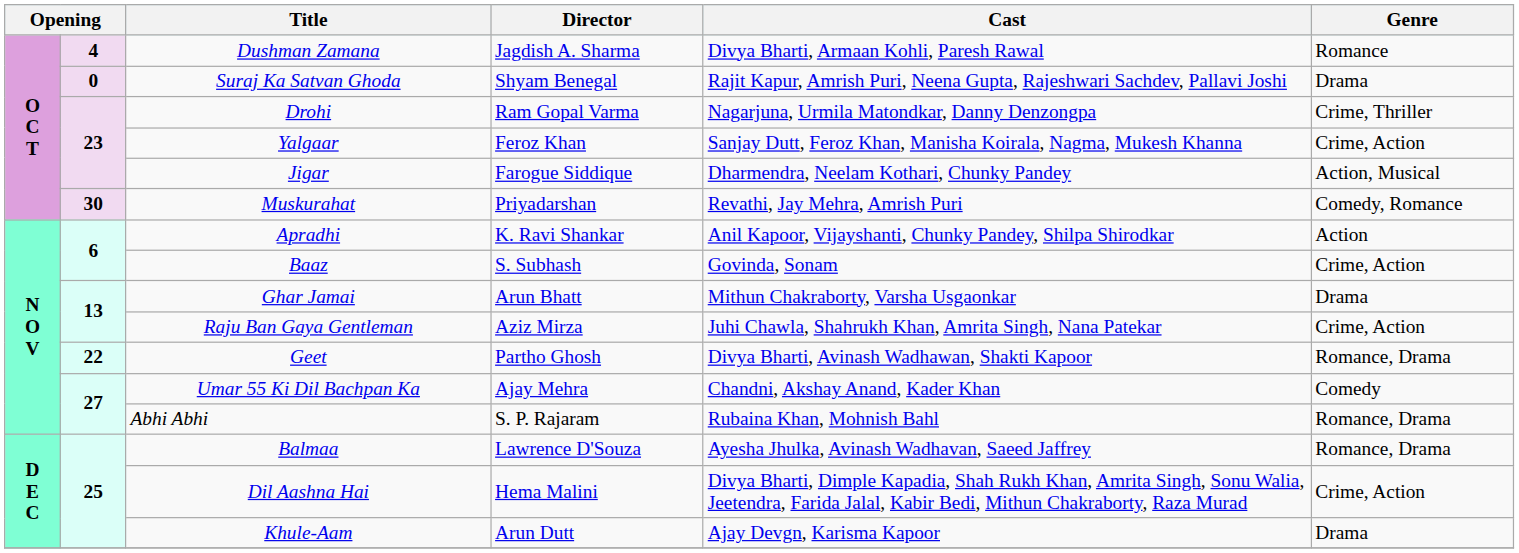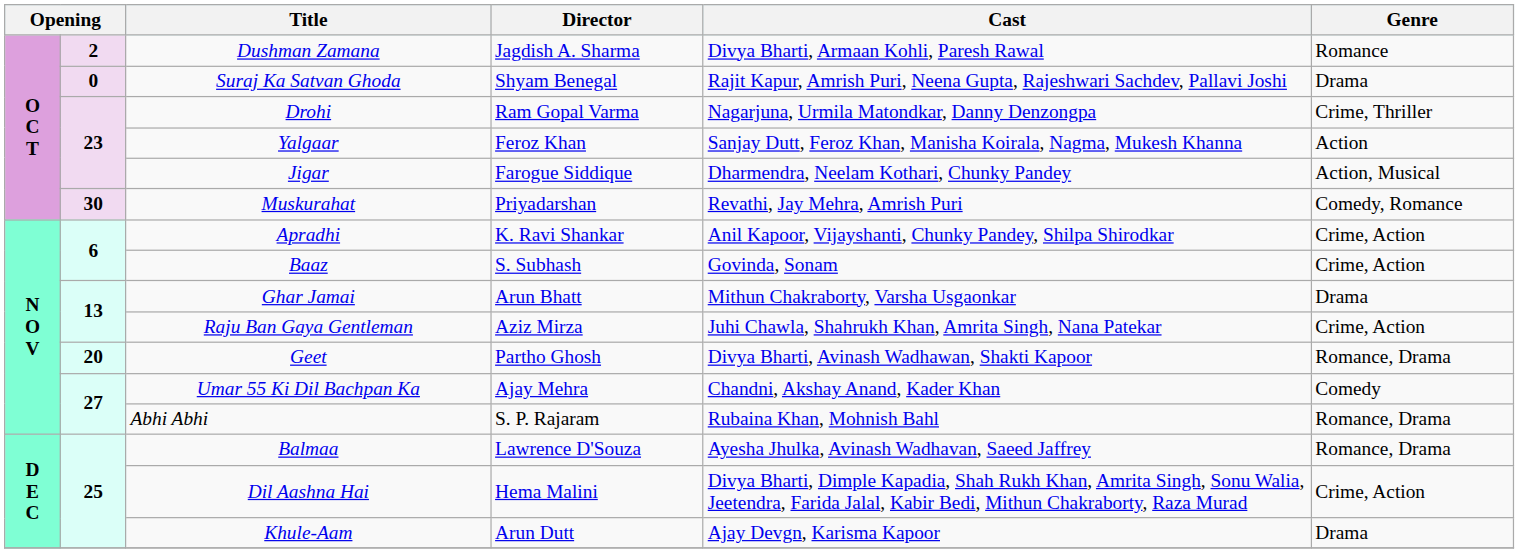 <table class="wikitable">
 <tr style="background:#b0e0e6; text-align:center;">
 <th colspan="2" style="width:6%;"><strong>Opening</strong></th>
 <th style="width:18%;"><strong>Title</strong></th>
 <th style="width:10.5%;"><strong>Director</strong></th>
 <th style="width:30%;"><strong>Cast</strong></th>
 <th style="width:10%;"><strong>Genre</strong></th>
 </tr>
 <tr>
 <td rowspan="6" style="text-align:center; background:plum; textcolor:#000;"><strong>O<br>C<br>T</strong></td>
-<td rowspan="1" style="text-align:center;background:#f1daf1;"><strong>4</strong></td>
+<td rowspan="1" style="text-align:center;background:#f1daf1;"><strong>2</strong></td>
 <td style="text-align:center;"><em><a href='#'>Dushman Zamana</a></em></td>
 <td><a href='#'>Jagdish A. Sharma</a></td>
 <td><a href='#'>Divya Bharti</a>, <a href='#'>Armaan Kohli</a>, <a href='#'>Paresh Rawal</a></td>
 <td>Romance</td>
 </tr>
 <tr>
 <td rowspan="1" style="text-align:center;background:#f1daf1;"><strong>0</strong></td>
 <td style="text-align:center;"><em><a href='#'>Suraj Ka Satvan Ghoda</a></em></td>
 <td><a href='#'>Shyam Benegal</a></td>
 <td><a href='#'>Rajit Kapur</a>, <a href='#'>Amrish Puri</a>, <a href='#'>Neena Gupta</a>, <a href='#'>Rajeshwari Sachdev</a>, <a href='#'>Pallavi Joshi</a></td>
 <td>Drama</td>
 </tr>
 <tr>
 <td rowspan="3" style="text-align:center;background:#f1daf1;"><strong>23</strong></td>
 <td style="text-align:center;"><em><a href='#'>Drohi</a></em></td>
 <td><a href='#'>Ram Gopal Varma</a></td>
 <td><a href='#'>Nagarjuna</a>, <a href='#'>Urmila Matondkar</a>, <a href='#'>Danny Denzongpa</a></td>
 <td>Crime, Thriller</td>
 </tr>
 <tr>
 <td style="text-align:center;"><em><a href='#'>Yalgaar</a></em></td>
 <td><a href='#'>Feroz Khan</a></td>
 <td><a href='#'>Sanjay Dutt</a>, <a href='#'>Feroz Khan</a>, <a href='#'>Manisha Koirala</a>, <a href='#'>Nagma</a>, <a href='#'>Mukesh Khanna</a></td>
-<td>Crime, Action</td>
+<td>Action</td>
 </tr>
 <tr>
 <td style="text-align:center;"><em><a href='#'>Jigar</a></em></td>
 <td><a href='#'>Farogue Siddique</a></td>
 <td><a href='#'>Dharmendra</a>, <a href='#'>Neelam Kothari</a>, <a href='#'>Chunky Pandey</a></td>
 <td>Action, Musical</td>
 </tr>
 <tr>
 <td rowspan="1" style="text-align:center;background:#f1daf1;"><strong>30</strong></td>
 <td style="text-align:center;"><em><a href='#'>Muskurahat</a></em></td>
 <td><a href='#'>Priyadarshan</a></td>
 <td><a href='#'>Revathi</a>, <a href='#'>Jay Mehra</a>, <a href='#'>Amrish Puri</a></td>
 <td>Comedy, Romance</td>
 </tr>
 <tr>
 <td rowspan="7" style="text-align:center; background:#7FFFD4; textcolor:#000;"><strong>N<br>O<br>V</strong></td>
 <td rowspan="2" style="text-align:center;background:#DBFFF8;"><strong>6</strong></td>
 <td style="text-align:center;"><em><a href='#'>Apradhi</a></em></td>
 <td><a href='#'>K. Ravi Shankar</a></td>
 <td><a href='#'>Anil Kapoor</a>, <a href='#'>Vijayshanti</a>, <a href='#'>Chunky Pandey</a>, <a href='#'>Shilpa Shirodkar</a></td>
-<td>Action</td>
+<td>Crime, Action</td>
 </tr>
 <tr>
 <td style="text-align:center;"><em><a href='#'>Baaz</a></em></td>
 <td><a href='#'>S. Subhash</a></td>
 <td><a href='#'>Govinda</a>, <a href='#'>Sonam</a></td>
 <td>Crime, Action</td>
 </tr>
 <tr>
 <td rowspan="2" style="text-align:center;background:#DBFFF8;"><strong>13</strong></td>
 <td style="text-align:center;"><em><a href='#'>Ghar Jamai</a></em></td>
 <td><a href='#'>Arun Bhatt</a></td>
 <td><a href='#'>Mithun Chakraborty</a>, <a href='#'>Varsha Usgaonkar</a></td>
 <td>Drama</td>
 </tr>
 <tr>
 <td style="text-align:center;"><em><a href='#'>Raju Ban Gaya Gentleman</a></em></td>
 <td><a href='#'>Aziz Mirza</a></td>
 <td><a href='#'>Juhi Chawla</a>, <a href='#'>Shahrukh Khan</a>, <a href='#'>Amrita Singh</a>, <a href='#'>Nana Patekar</a></td>
 <td>Crime, Action</td>
 </tr>
 <tr>
-<td rowspan="1" style="text-align:center;background:#DBFFF8;"><strong>22</strong></td>
+<td rowspan="1" style="text-align:center;background:#DBFFF8;"><strong>20</strong></td>
 <td style="text-align:center;"><em><a href='#'>Geet</a></em></td>
 <td><a href='#'>Partho Ghosh</a></td>
 <td><a href='#'>Divya Bharti</a>, <a href='#'>Avinash Wadhawan</a>, <a href='#'>Shakti Kapoor</a></td>
 <td>Romance, Drama</td>
 </tr>
 <tr>
 <td rowspan="2" style="text-align:center;background:#DBFFF8;"><strong>27</strong></td>
 <td style="text-align:center;"><em><a href='#'>Umar 55 Ki Dil Bachpan Ka</a></em></td>
 <td><a href='#'>Ajay Mehra</a></td>
 <td><a href='#'>Chandni</a>, <a href='#'>Akshay Anand</a>, <a href='#'>Kader Khan</a></td>
 <td>Comedy</td>
 </tr>
 <tr>
 <td><em>Abhi Abhi</em></td>
 <td>S. P. Rajaram</td>
 <td><a href='#'>Rubaina Khan</a>, <a href='#'>Mohnish Bahl</a></td>
 <td>Romance, Drama</td>
 </tr>
 <tr>
 <td rowspan="3" style="text-align:center; background:#7FFFD4; textcolor:#000;"><strong>D<br>E<br>C</strong></td>
 <td rowspan="3" style="text-align:center;background:#DBFFF8;"><strong>25</strong></td>
 <td style="text-align:center;"><em><a href='#'>Balmaa</a></em></td>
 <td><a href='#'>Lawrence D'Souza</a></td>
 <td><a href='#'>Ayesha Jhulka</a>, <a href='#'>Avinash Wadhavan</a>, <a href='#'>Saeed Jaffrey</a></td>
 <td>Romance, Drama</td>
 </tr>
 <tr>
 <td style="text-align:center;"><em><a href='#'>Dil Aashna Hai</a></em></td>
 <td><a href='#'>Hema Malini</a></td>
 <td><a href='#'>Divya Bharti</a>, <a href='#'>Dimple Kapadia</a>, <a href='#'>Shah Rukh Khan</a>, <a href='#'>Amrita Singh</a>, <a href='#'>Sonu Walia</a>, <a href='#'>Jeetendra</a>, <a href='#'>Farida Jalal</a>, <a href='#'>Kabir Bedi</a>, <a href='#'>Mithun Chakraborty</a>, <a href='#'>Raza Murad</a></td>
 <td>Crime, Action</td>
 </tr>
 <tr>
 <td style="text-align:center;"><em><a href='#'>Khule-Aam</a></em></td>
 <td><a href='#'>Arun Dutt</a></td>
 <td><a href='#'>Ajay Devgn</a>, <a href='#'>Karisma Kapoor</a></td>
 <td>Drama</td>
 </tr>
 <tr>
 </tr>
 </table>
